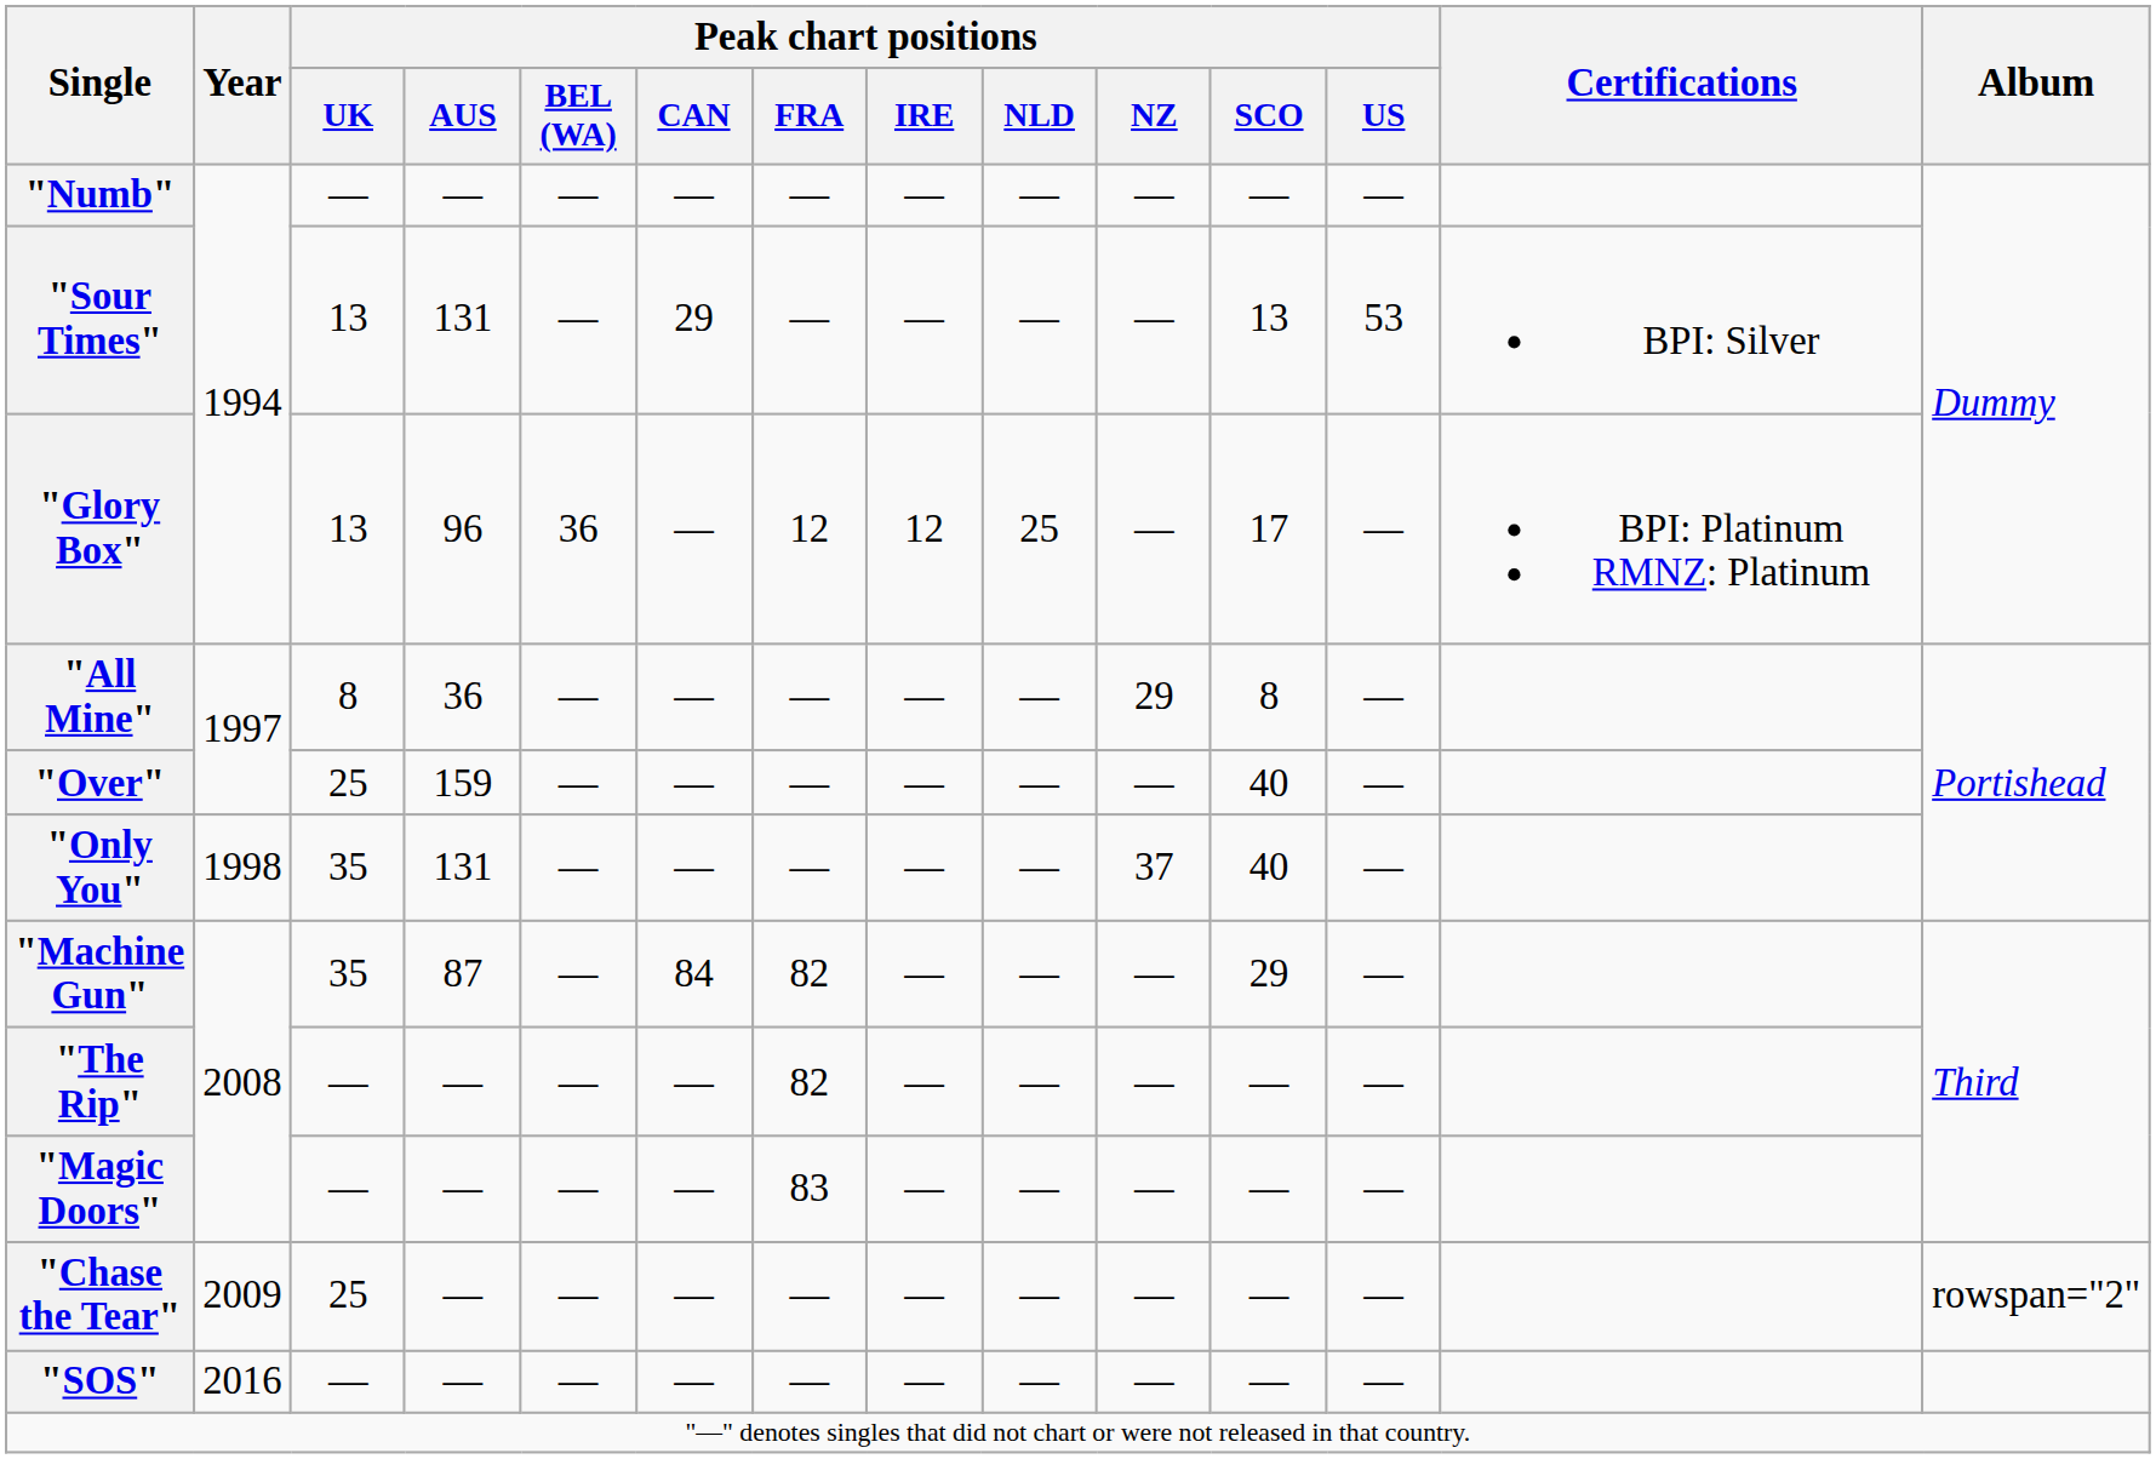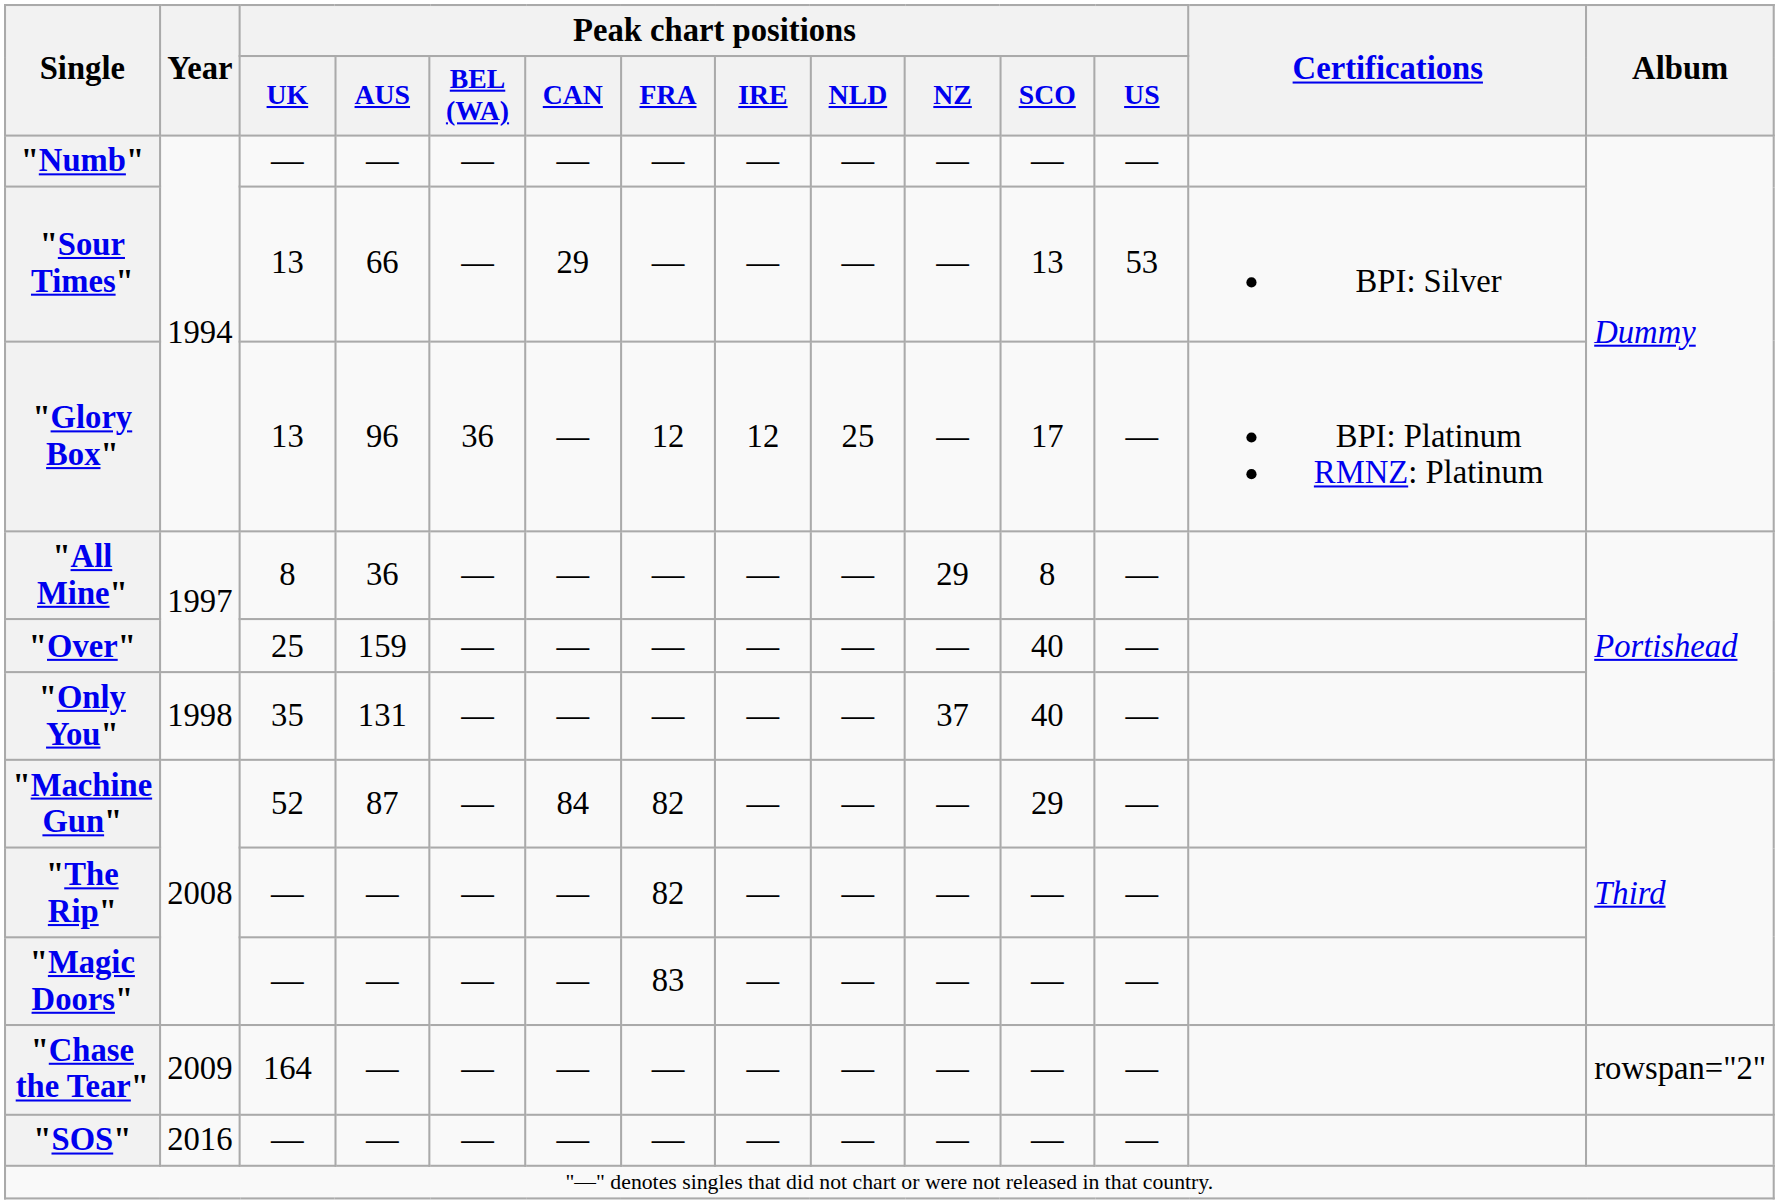 <table class="wikitable plainrowheaders" style="text-align:center">
 <tr>
 <th scope="col" rowspan="2">Single</th>
 <th scope="col" rowspan="2">Year</th>
 <th scope="col" colspan="10">Peak chart positions</th>
 <th scope="col" rowspan="2" style="width:12em;"><a href='#'>Certifications</a></th>
 <th scope="col" rowspan="2">Album</th>
 </tr>
 <tr>
 <th style="width:3em;font-size:85%"><a href='#'>UK</a><br></th>
 <th style="width:3em;font-size:85%"><a href='#'>AUS</a><br></th>
 <th style="width:3em;font-size:85%"><a href='#'>BEL<br>(WA)</a><br></th>
 <th style="width:3em;font-size:85%"><a href='#'>CAN</a><br></th>
 <th style="width:3em;font-size:85%"><a href='#'>FRA</a><br></th>
 <th style="width:3em;font-size:85%"><a href='#'>IRE</a><br></th>
 <th style="width:3em;font-size:85%"><a href='#'>NLD</a><br></th>
 <th style="width:3em;font-size:85%"><a href='#'>NZ</a><br></th>
 <th style="width:3em;font-size:85%"><a href='#'>SCO</a><br></th>
 <th style="width:3em;font-size:85%"><a href='#'>US</a><br></th>
 </tr>
 <tr>
 <th scope="row">"<a href='#'>Numb</a>"</th>
 <td rowspan="3">1994</td>
 <td>—</td>
 <td>—</td>
 <td>—</td>
 <td>—</td>
 <td>—</td>
 <td>—</td>
 <td>—</td>
 <td>—</td>
 <td>—</td>
 <td>—</td>
 <td></td>
 <td style="text-align:left;" rowspan="3"><em><a href='#'>Dummy</a></em></td>
 </tr>
 <tr>
 <th scope="row">"<a href='#'>Sour Times</a>"</th>
 <td>13</td>
-<td>131</td>
+<td>66</td>
 <td>—</td>
 <td>29</td>
 <td>—</td>
 <td>—</td>
 <td>—</td>
 <td>—</td>
 <td>13</td>
 <td>53</td>
 <td><br><ul><li>BPI: Silver</li></ul></td>
 </tr>
 <tr>
 <th scope="row">"<a href='#'>Glory Box</a>"</th>
 <td>13</td>
 <td>96</td>
 <td>36</td>
 <td>—</td>
 <td>12</td>
 <td>12</td>
 <td>25</td>
 <td>—</td>
 <td>17</td>
 <td>—</td>
 <td><br><ul><li>BPI: Platinum</li><li><a href='#'>RMNZ</a>: Platinum</li></ul></td>
 </tr>
 <tr>
 <th scope="row">"<a href='#'>All Mine</a>"</th>
 <td rowspan="2">1997</td>
 <td>8</td>
 <td>36</td>
 <td>—</td>
 <td>—</td>
 <td>—</td>
 <td>—</td>
 <td>—</td>
 <td>29</td>
 <td>8</td>
 <td>—</td>
 <td></td>
 <td style="text-align:left;" rowspan="3"><em><a href='#'>Portishead</a></em></td>
 </tr>
 <tr>
 <th scope="row">"<a href='#'>Over</a>"</th>
 <td>25</td>
 <td>159</td>
 <td>—</td>
 <td>—</td>
 <td>—</td>
 <td>—</td>
 <td>—</td>
 <td>—</td>
 <td>40</td>
 <td>—</td>
 <td></td>
 </tr>
 <tr>
 <th scope="row">"<a href='#'>Only You</a>"</th>
 <td>1998</td>
 <td>35</td>
 <td>131</td>
 <td>—</td>
 <td>—</td>
 <td>—</td>
 <td>—</td>
 <td>—</td>
 <td>37</td>
 <td>40</td>
 <td>—</td>
 <td></td>
 </tr>
 <tr>
 <th scope="row">"<a href='#'>Machine Gun</a>"</th>
 <td rowspan="3">2008</td>
-<td>35</td>
+<td>52</td>
 <td>87</td>
 <td>—</td>
 <td>84</td>
 <td>82</td>
 <td>—</td>
 <td>—</td>
 <td>—</td>
 <td>29</td>
 <td>—</td>
 <td></td>
 <td style="text-align:left;" rowspan="3"><em><a href='#'>Third</a></em></td>
 </tr>
 <tr>
 <th scope="row">"<a href='#'>The Rip</a>"</th>
 <td>—</td>
 <td>—</td>
 <td>—</td>
 <td>—</td>
 <td>82</td>
 <td>—</td>
 <td>—</td>
 <td>—</td>
 <td>—</td>
 <td>—</td>
 <td></td>
 </tr>
 <tr>
 <th scope="row">"<a href='#'>Magic Doors</a>"</th>
 <td>—</td>
 <td>—</td>
 <td>—</td>
 <td>—</td>
 <td>83</td>
 <td>—</td>
 <td>—</td>
 <td>—</td>
 <td>—</td>
 <td>—</td>
 <td></td>
 </tr>
 <tr>
 <th scope="row">"<a href='#'>Chase the Tear</a>"</th>
 <td>2009</td>
-<td>25</td>
+<td>164</td>
 <td>—</td>
 <td>—</td>
 <td>—</td>
 <td>—</td>
 <td>—</td>
 <td>—</td>
 <td>—</td>
 <td>—</td>
 <td>—</td>
 <td></td>
 <td>rowspan="2" </td>
 </tr>
 <tr>
 <th scope="row">"<a href='#'>SOS</a>"</th>
 <td>2016</td>
 <td>—</td>
 <td>—</td>
 <td>—</td>
 <td>—</td>
 <td>—</td>
 <td>—</td>
 <td>—</td>
 <td>—</td>
 <td>—</td>
 <td>—</td>
 <td></td>
 </tr>
 <tr>
 <td colspan="16" style="text-align:center; font-size:8pt;">"—" denotes singles that did not chart or were not released in that country.</td>
 </tr>
 </table>
